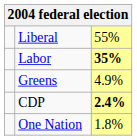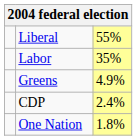 <table class="wikitable">
 <tr>
 <th colspan="3">2004 federal election</th>
 </tr>
 <tr>
 <td> </td>
 <td><a href='#'>Liberal</a></td>
 <td bgcolor="FFFF99">55%</td>
 </tr>
 <tr>
 <td> </td>
 <td><a href='#'>Labor</a></td>
-<td bgcolor="FFFF99"><strong>35%</strong></td>
+<td bgcolor="FFFF99">35%</td>
 </tr>
 <tr>
 <td> </td>
 <td><a href='#'>Greens</a></td>
 <td bgcolor="FFFF99">4.9%</td>
 </tr>
 <tr>
 <td> </td>
 <td>CDP</td>
-<td bgcolor="FFFF99"><strong>2.4%</strong></td>
+<td bgcolor="FFFF99">2.4%</td>
 </tr>
 <tr>
 <td> </td>
 <td><a href='#'>One Nation</a></td>
 <td bgcolor="FFFF99">1.8%</td>
 </tr>
 </table>
